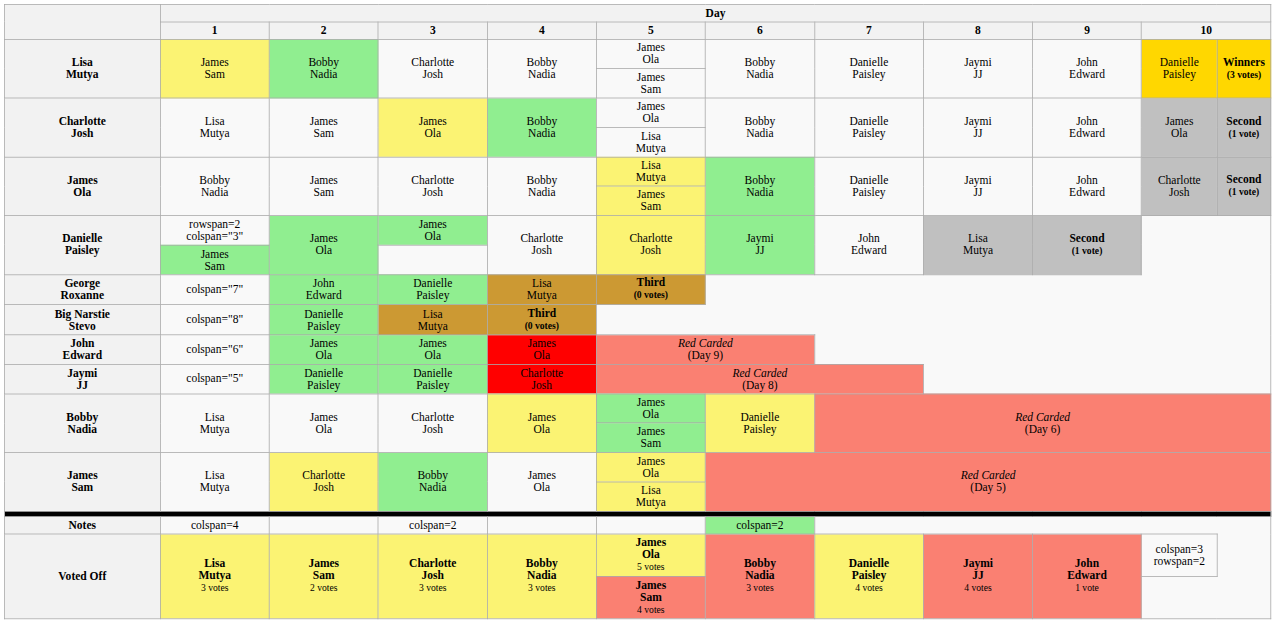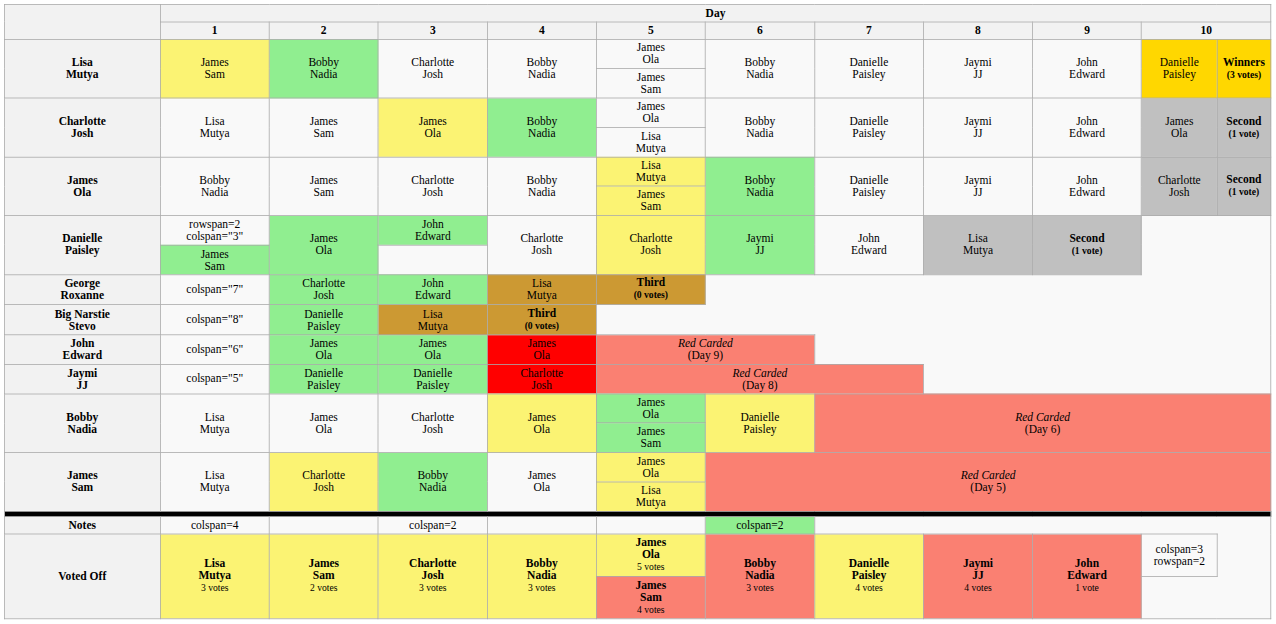 <table class="wikitable" style="text-align:center; width:100%; line-height:15px; font-size:90%;">
 <tr>
 <th style="width: 10%;" rowspan="2"></th>
 <th colspan="21">Day</th>
 </tr>
 <tr>
 <th style="width: 7%;">1</th>
 <th style="width: 7%;">2</th>
 <th style="width: 7%;">3</th>
 <th style="width: 7%;">4</th>
 <th style="width: 7%;">5</th>
 <th style="width: 7%;">6</th>
 <th style="width: 7%;">7</th>
 <th style="width: 7%;">8</th>
 <th style="width: 7%;">9</th>
 <th colspan=2 style="width: 7%;">10</th>
 </tr>
 <tr>
 <th rowspan=2>Lisa<br>Mutya</th>
 <td rowspan=2 style="background:#fbf373;">James<br>Sam</td>
 <td rowspan=2 style="background:lightgreen;">Bobby<br>Nadia</td>
 <td rowspan=2>Charlotte<br>Josh</td>
 <td rowspan=2>Bobby<br>Nadia</td>
 <td>James<br>Ola</td>
 <td rowspan=2>Bobby<br>Nadia</td>
 <td rowspan=2>Danielle<br>Paisley</td>
 <td rowspan=2>Jaymi<br>JJ</td>
 <td rowspan=2>John<br>Edward</td>
 <td style="background:gold;" rowspan=2>Danielle<br>Paisley</td>
 <td style="background:gold;" rowspan=2><strong>Winners<br><small>(3 votes)</small></strong></td>
 </tr>
 <tr>
 <td>James<br>Sam</td>
 </tr>
 <tr>
 <th rowspan=2>Charlotte<br>Josh</th>
 <td rowspan=2>Lisa<br>Mutya</td>
 <td rowspan=2>James<br>Sam</td>
 <td rowspan=2 style="background:#fbf373;">James<br>Ola</td>
 <td rowspan=2 style="background:lightgreen;">Bobby<br>Nadia</td>
 <td>James<br>Ola</td>
 <td rowspan=2>Bobby<br>Nadia</td>
 <td rowspan=2>Danielle<br>Paisley</td>
 <td rowspan=2>Jaymi<br>JJ</td>
 <td rowspan=2>John<br>Edward</td>
 <td style="background:silver;" rowspan=2>James<br>Ola</td>
 <td style="background:silver;" rowspan=2><strong>Second<br><small>(1 vote)</small></strong></td>
 </tr>
 <tr>
 <td>Lisa<br>Mutya</td>
 </tr>
 <tr>
 <th rowspan=2>James<br>Ola</th>
 <td rowspan=2>Bobby<br>Nadia</td>
 <td rowspan=2>James<br>Sam</td>
 <td rowspan=2>Charlotte<br>Josh</td>
 <td rowspan=2>Bobby<br>Nadia</td>
 <td style="background:#fbf373;">Lisa<br>Mutya</td>
 <td rowspan=2 style="background:lightgreen;">Bobby<br>Nadia</td>
 <td rowspan=2>Danielle<br>Paisley</td>
 <td rowspan=2>Jaymi<br>JJ</td>
 <td rowspan=2>John<br>Edward</td>
 <td style="background:silver;" rowspan=2>Charlotte<br>Josh</td>
 <td style="background:silver;" rowspan=2><strong>Second<br><small>(1 vote)</small></strong></td>
 </tr>
 <tr>
 <td style="background:#fbf373;">James<br>Sam</td>
 </tr>
 <tr>
 <th rowspan=2>Danielle<br>Paisley</th>
 <td>rowspan=2 colspan="3" </td>
 <td rowspan=2 style="background:lightgreen;">James<br>Ola</td>
-<td style="background:lightgreen;">James<br>Ola</td>
+<td style="background:lightgreen;">John<br>Edward</td>
 <td rowspan=2>Charlotte<br>Josh</td>
 <td rowspan=2 style="background:#fbf373;">Charlotte<br>Josh</td>
 <td rowspan=2 style="background:lightgreen;">Jaymi<br>JJ</td>
 <td rowspan=2>John<br>Edward</td>
 <td style="background:silver;" rowspan=2>Lisa<br>Mutya</td>
 <td style="background:silver;" rowspan=2><strong>Second<br><small>(1 vote)</small></strong></td>
 </tr>
 <tr>
 <td style="background:lightgreen;">James<br>Sam</td>
 </tr>
 <tr>
 <th>George<br>Roxanne</th>
 <td>colspan="7" </td>
+<td style="background:lightgreen;">Charlotte<br>Josh</td>
 <td style="background:lightgreen;">John<br>Edward</td>
-<td style="background:lightgreen;">Danielle<br>Paisley</td>
 <td style="background:#cc9933;">Lisa<br>Mutya</td>
 <td style="background:#cc9933;"><strong>Third<br><small>(0 votes)</small></strong></td>
 </tr>
 <tr>
 <th>Big Narstie<br>Stevo</th>
 <td>colspan="8" </td>
 <td style="background:lightgreen;">Danielle<br>Paisley</td>
 <td style="background:#cc9933;">Lisa<br>Mutya</td>
 <td style="background:#cc9933;"><strong>Third<br><small>(0 votes)</small></strong></td>
 </tr>
 <tr>
 <th>John<br>Edward</th>
 <td>colspan="6" </td>
 <td style="background:lightgreen;">James<br>Ola</td>
 <td style="background:lightgreen;">James<br>Ola</td>
 <td style="background:red;">James<br>Ola</td>
 <td style="background:#fa8072;" colspan="2"><em>Red Carded</em><br>(Day 9)</td>
 </tr>
 <tr>
 <th>Jaymi<br>JJ</th>
 <td>colspan="5" </td>
 <td style="background:lightgreen;">Danielle<br>Paisley</td>
 <td style="background:lightgreen;">Danielle<br>Paisley</td>
 <td style="background:red;">Charlotte<br>Josh</td>
 <td style="background:#fa8072;" colspan="3"><em>Red Carded</em><br>(Day 8)</td>
 </tr>
 <tr>
 <th rowspan=2>Bobby<br>Nadia</th>
 <td rowspan=2>Lisa<br>Mutya</td>
 <td rowspan=2>James<br>Ola</td>
 <td rowspan=2>Charlotte<br>Josh</td>
 <td rowspan=2 style="background:#fbf373;">James<br>Ola</td>
 <td style="background:lightgreen;">James<br>Ola</td>
 <td rowspan=2 style="background:#fbf373;">Danielle<br>Paisley</td>
 <td rowspan=2 colspan="5" style="background:#fa8072;"><em>Red Carded</em><br>(Day 6)</td>
 </tr>
 <tr>
 <td style="background:lightgreen;">James<br>Sam</td>
 </tr>
 <tr>
 <th rowspan=2>James<br>Sam</th>
 <td rowspan=2>Lisa<br>Mutya</td>
 <td rowspan=2 style="background:#fbf373;">Charlotte<br>Josh</td>
 <td rowspan=2 style="background:lightgreen;">Bobby<br>Nadia</td>
 <td rowspan=2>James<br>Ola</td>
 <td style="background:#fbf373;">James<br>Ola</td>
 <td rowspan=2 colspan="6" style="background:#fa8072;"><em>Red Carded</em><br>(Day 5)</td>
 </tr>
 <tr>
 <td style="background:#fbf373;">Lisa<br>Mutya</td>
 </tr>
 <tr>
 <th style="background:black;" colspan="42"></th>
 </tr>
 <tr>
 <th>Notes</th>
 <td>colspan=4 </td>
 <td></td>
 <td>colspan=2 </td>
 <td></td>
 <td></td>
 <td style="background: lightgreen;">colspan=2 </td>
 </tr>
 <tr>
 <th rowspan=2>Voted Off</th>
 <td style="background:#fbf373;" rowspan="2"><strong>Lisa<br>Mutya</strong><br><small>3 votes</small></td>
 <td style="background:#fbf373;" rowspan="2"><strong>James<br>Sam</strong><br><small>2 votes</small></td>
 <td style="background:#fbf373;" rowspan="2"><strong>Charlotte<br>Josh</strong><br><small>3 votes</small></td>
 <td style="background:#fbf373;" rowspan="2"><strong>Bobby<br>Nadia</strong><br><small>3 votes</small></td>
 <td style="background:#fbf373;"><strong>James<br>Ola</strong><br><small>5 votes</small></td>
 <td style="background:salmon;" rowspan="2"><strong>Bobby<br>Nadia</strong><br><small>3 votes</small></td>
 <td style="background:#fbf373;" rowspan="2"><strong>Danielle<br>Paisley</strong><br><small>4 votes</small></td>
 <td style="background:salmon;" rowspan="2"><strong>Jaymi<br>JJ</strong><br><small>4 votes</small></td>
 <td style="background:salmon;" rowspan="2"><strong>John<br>Edward</strong><br><small>1 vote</small></td>
 <td>colspan=3 rowspan=2 </td>
 </tr>
 <tr>
 <td style="background:salmon;"><strong>James<br>Sam</strong><br><small>4 votes</small></td>
 </tr>
 </table>
